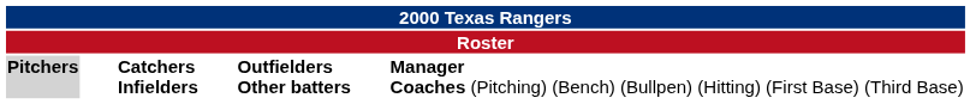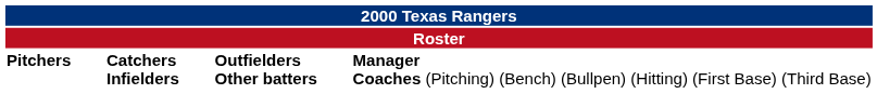 <table class="toccolours" style="font-size: 95%;">
 <tr>
 <th colspan="10" style="background-color: #003279; color: #FFFFFF; text-align: center;">2000 Texas Rangers</th>
 </tr>
 <tr>
 <td colspan="10" style="background-color: #bd1021; color: white; text-align: center;"><strong>Roster</strong></td>
 </tr>
 <tr>
-<td valign="top" style="background: lightgrey;"><strong>Pitchers</strong><br>                 </td>
+<td valign="top"><strong>Pitchers</strong><br>                 </td>
 <td width="25px"></td>
 <td valign="top"><strong>Catchers</strong><br>    <strong>Infielders</strong>          </td>
 <td width="25px"></td>
 <td valign="top"><strong>Outfielders</strong><br>         <strong>Other batters</strong> </td>
 <td width="25px"></td>
 <td valign="top"><strong>Manager</strong><br> <strong>Coaches</strong>  (Pitching)  (Bench)  (Bullpen)  (Hitting)  (First Base)  (Third Base)</td>
 </tr>
 </table>
